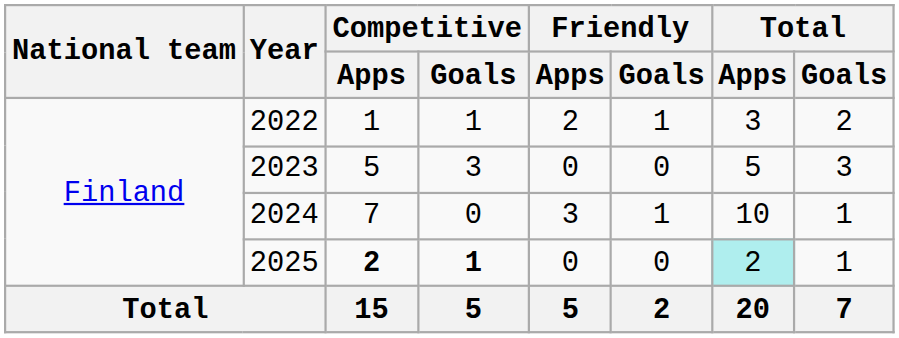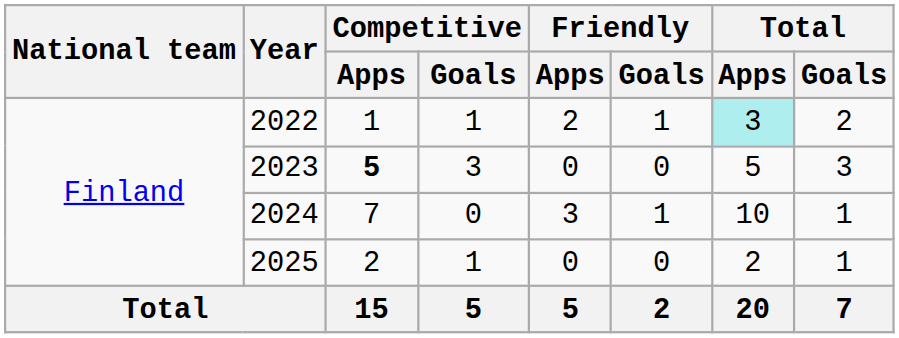 <table class="wikitable" style="text-align:center">
 <tr>
 <th rowspan="2">National team</th>
 <th rowspan="2">Year</th>
 <th colspan="2">Competitive</th>
 <th colspan="2">Friendly</th>
 <th colspan="2">Total</th>
 </tr>
 <tr>
 <th>Apps</th>
 <th>Goals</th>
 <th>Apps</th>
 <th>Goals</th>
 <th>Apps</th>
 <th>Goals</th>
 </tr>
 <tr>
 <td rowspan="4"><a href='#'>Finland</a></td>
 <td>2022</td>
 <td>1</td>
 <td>1</td>
 <td>2</td>
 <td>1</td>
-<td>3</td>
+<td style="background: paleturquoise;">3</td>
 <td>2</td>
 </tr>
 <tr>
 <td>2023</td>
-<td>5</td>
+<td><strong>5</strong></td>
 <td>3</td>
 <td>0</td>
 <td>0</td>
 <td>5</td>
 <td>3</td>
 </tr>
 <tr>
 <td>2024</td>
 <td>7</td>
 <td>0</td>
 <td>3</td>
 <td>1</td>
 <td>10</td>
 <td>1</td>
 </tr>
 <tr>
 <td>2025</td>
-<td><strong>2</strong></td>
-<td><strong>1</strong></td>
+<td>2</td>
+<td>1</td>
 <td>0</td>
 <td>0</td>
-<td style="background: paleturquoise;">2</td>
+<td>2</td>
 <td>1</td>
 </tr>
 <tr>
 <th colspan="2">Total</th>
 <th>15</th>
 <th>5</th>
 <th>5</th>
 <th>2</th>
 <th>20</th>
 <th>7</th>
 </tr>
 </table>
